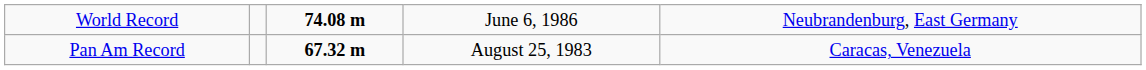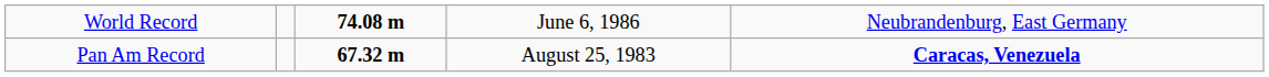 <table class="wikitable" style=" text-align:center; font-size:95%;" width="75%">
 <tr>
 <td><a href='#'>World Record</a></td>
 <td></td>
 <td><strong>74.08 m </strong></td>
 <td>June 6, 1986</td>
 <td> <a href='#'>Neubrandenburg</a>, <a href='#'>East Germany</a></td>
 </tr>
 <tr>
 <td><a href='#'>Pan Am Record</a></td>
 <td></td>
 <td><strong>67.32 m </strong></td>
 <td>August 25, 1983</td>
-<td> <a href='#'>Caracas, Venezuela</a></td>
+<td><strong> <a href='#'>Caracas, Venezuela</a></strong></td>
 </tr>
 </table>
